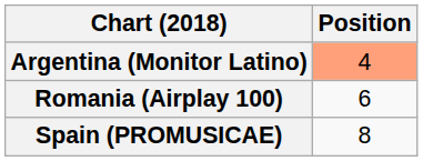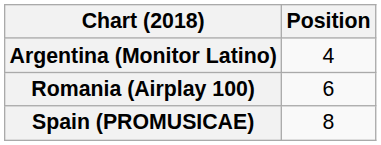 <table class="wikitable plainrowheaders sortable" style="text-align:center">
 <tr>
 <th scope="col">Chart (2018)</th>
 <th scope="col">Position</th>
 </tr>
 <tr>
 <th scope="row">Argentina (Monitor Latino)</th>
-<td style="background: lightsalmon;">4</td>
+<td>4</td>
 </tr>
 <tr>
 <th scope="row">Romania (Airplay 100)</th>
 <td>6</td>
 </tr>
 <tr>
 <th scope="row">Spain (PROMUSICAE)</th>
 <td>8</td>
 </tr>
 </table>
